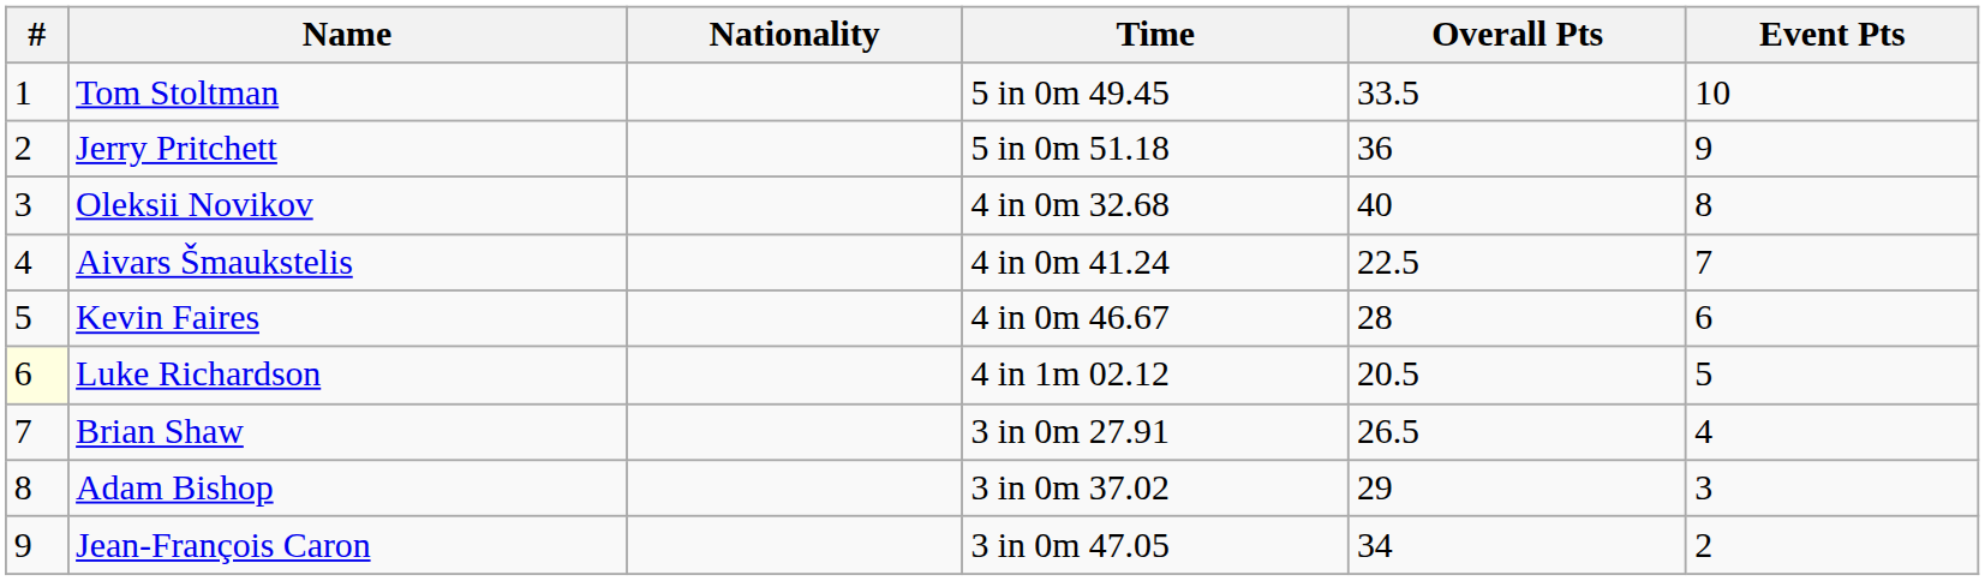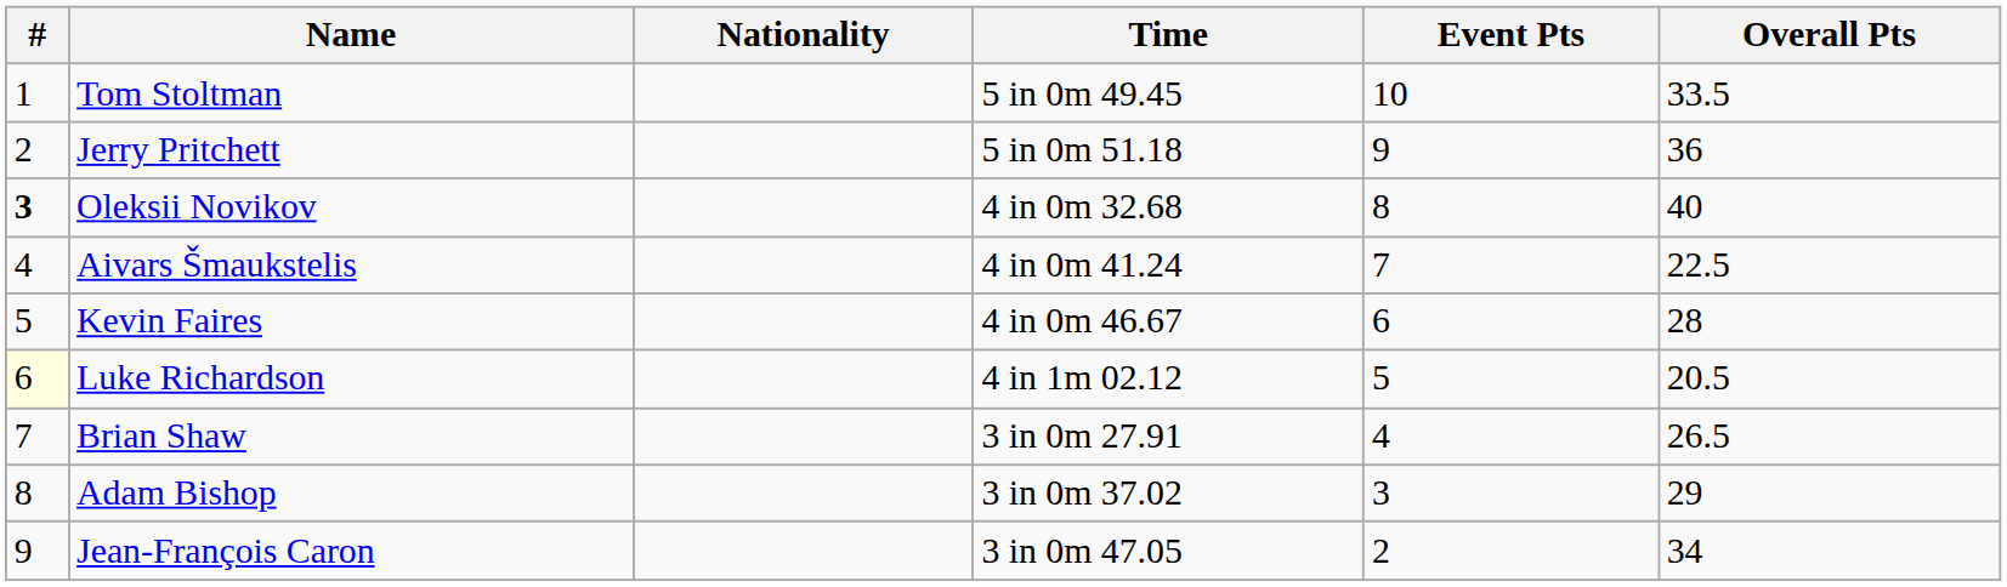 <table class="wikitable sortable" style="display: inline-table;width: 100%;">
 <tr>
 <th>#</th>
 <th>Name</th>
 <th>Nationality</th>
 <th>Time</th>
+<th>Event Pts</th>
 <th>Overall Pts</th>
-<th>Event Pts</th>
 </tr>
 <tr>
 <td>1</td>
 <td><a href='#'>Tom Stoltman</a></td>
 <td></td>
 <td>5 in 0m 49.45</td>
+<td>10</td>
 <td>33.5</td>
-<td>10</td>
 </tr>
 <tr>
 <td>2</td>
 <td><a href='#'>Jerry Pritchett</a></td>
 <td></td>
 <td>5 in 0m 51.18</td>
+<td>9</td>
 <td>36</td>
-<td>9</td>
 </tr>
 <tr>
-<td>3</td>
+<td><strong>3</strong></td>
 <td><a href='#'>Oleksii Novikov</a></td>
 <td></td>
 <td>4 in 0m 32.68</td>
+<td>8</td>
 <td>40</td>
-<td>8</td>
 </tr>
 <tr>
 <td>4</td>
 <td><a href='#'>Aivars Šmaukstelis</a></td>
 <td></td>
 <td>4 in 0m 41.24</td>
+<td>7</td>
 <td>22.5</td>
-<td>7</td>
 </tr>
 <tr>
 <td>5</td>
 <td><a href='#'>Kevin Faires</a></td>
 <td></td>
 <td>4 in 0m 46.67</td>
+<td>6</td>
 <td>28</td>
-<td>6</td>
 </tr>
 <tr>
 <td style="background: lightyellow;">6</td>
 <td><a href='#'>Luke Richardson</a></td>
 <td></td>
 <td>4 in 1m 02.12</td>
+<td>5</td>
 <td>20.5</td>
-<td>5</td>
 </tr>
 <tr>
 <td>7</td>
 <td><a href='#'>Brian Shaw</a></td>
 <td></td>
 <td>3 in 0m 27.91</td>
+<td>4</td>
 <td>26.5</td>
-<td>4</td>
 </tr>
 <tr>
 <td>8</td>
 <td><a href='#'>Adam Bishop</a></td>
 <td></td>
 <td>3 in 0m 37.02</td>
+<td>3</td>
 <td>29</td>
-<td>3</td>
 </tr>
 <tr>
 <td>9</td>
 <td><a href='#'>Jean-François Caron</a></td>
 <td></td>
 <td>3 in 0m 47.05</td>
+<td>2</td>
 <td>34</td>
-<td>2</td>
 </tr>
 </table>
